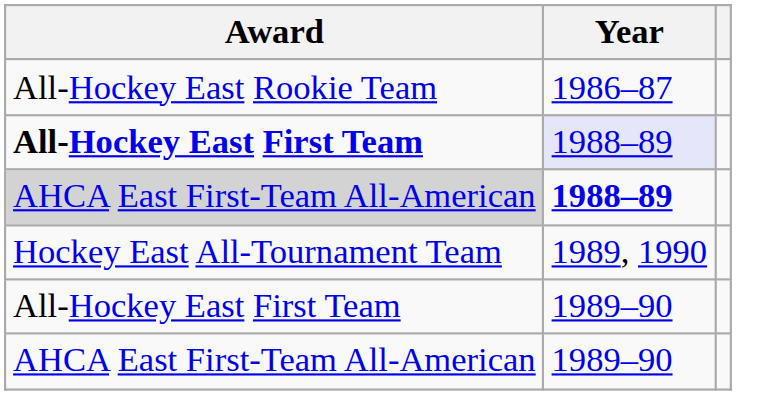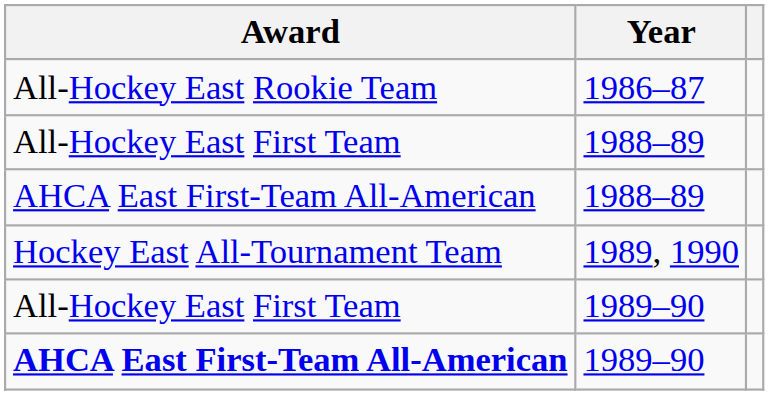 <table class="wikitable">
 <tr>
 <th>Award</th>
 <th>Year</th>
 <th></th>
 </tr>
 <tr>
 <td>All-<a href='#'>Hockey East</a> <a href='#'>Rookie Team</a></td>
 <td><a href='#'>1986–87</a></td>
 <td></td>
 </tr>
 <tr>
-<td><strong>All-<a href='#'>Hockey East</a> <a href='#'>First Team</a></strong></td>
-<td style="background: lavender;"><a href='#'>1988–89</a></td>
+<td>All-<a href='#'>Hockey East</a> <a href='#'>First Team</a></td>
+<td><a href='#'>1988–89</a></td>
 <td></td>
 </tr>
 <tr>
-<td style="background: lightgrey;"><a href='#'>AHCA</a> <a href='#'>East First-Team All-American</a></td>
-<td><strong><a href='#'>1988–89</a></strong></td>
+<td><a href='#'>AHCA</a> <a href='#'>East First-Team All-American</a></td>
+<td><a href='#'>1988–89</a></td>
 <td></td>
 </tr>
 <tr>
 <td><a href='#'>Hockey East</a> <a href='#'>All-Tournament Team</a></td>
 <td><a href='#'>1989</a>, <a href='#'>1990</a></td>
 <td></td>
 </tr>
 <tr>
 <td>All-<a href='#'>Hockey East</a> <a href='#'>First Team</a></td>
 <td><a href='#'>1989–90</a></td>
 <td></td>
 </tr>
 <tr>
-<td><a href='#'>AHCA</a> <a href='#'>East First-Team All-American</a></td>
+<td><strong><a href='#'>AHCA</a> <a href='#'>East First-Team All-American</a></strong></td>
 <td><a href='#'>1989–90</a></td>
 <td></td>
 </tr>
 </table>
